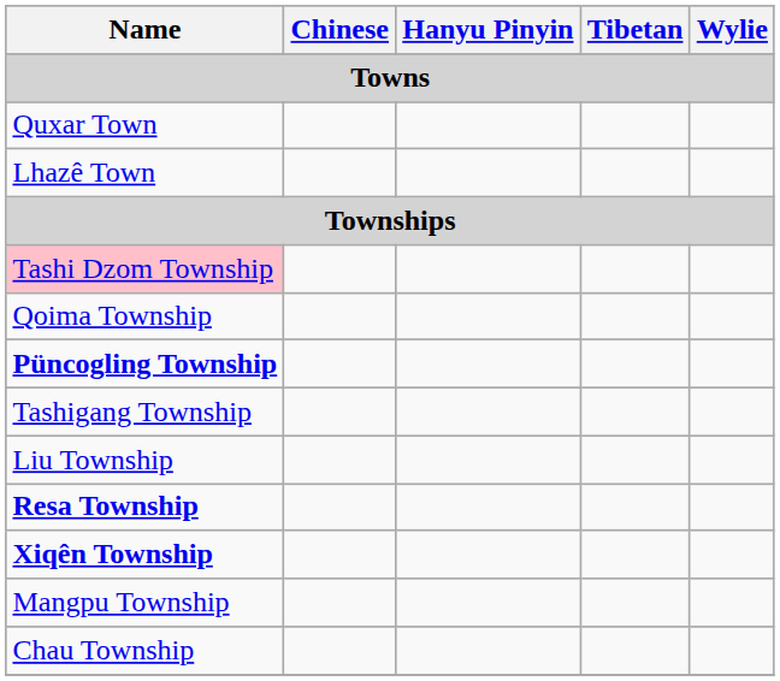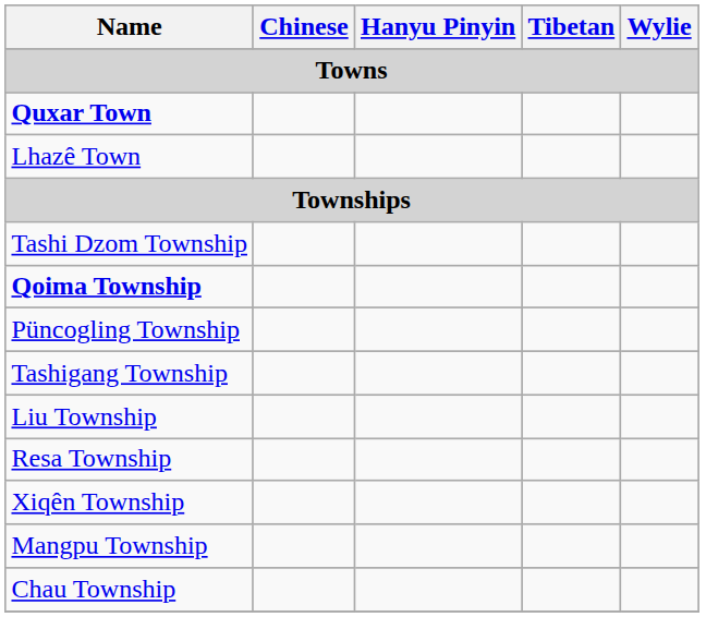 <table class="wikitable"  style="font-size:90%;" align=center>
 <tr>
 <th>Name</th>
 <th><a href='#'>Chinese</a></th>
 <th><a href='#'>Hanyu Pinyin</a></th>
 <th><a href='#'>Tibetan</a></th>
 <th><a href='#'>Wylie</a></th>
 </tr>
 <tr --------->
 <td colspan="7"  style="text-align:center; background:#d3d3d3;"><strong>Towns</strong></td>
 </tr>
 <tr --------->
-<td><a href='#'>Quxar Town</a></td>
+<td><strong><a href='#'>Quxar Town</a></strong></td>
 <td></td>
 <td></td>
 <td></td>
 <td></td>
 </tr>
 <tr>
 <td><a href='#'>Lhazê Town</a></td>
 <td></td>
 <td></td>
 <td></td>
 <td></td>
 </tr>
 <tr --------->
 <td colspan="7"  style="text-align:center; background:#d3d3d3;"><strong>Townships</strong></td>
 </tr>
 <tr --------->
-<td style="background: pink;"><a href='#'>Tashi Dzom Township</a></td>
+<td><a href='#'>Tashi Dzom Township</a></td>
 <td></td>
 <td></td>
 <td></td>
 <td></td>
 </tr>
 <tr>
-<td><a href='#'>Qoima Township</a></td>
+<td><strong><a href='#'>Qoima Township</a></strong></td>
 <td></td>
 <td></td>
 <td></td>
 <td></td>
 </tr>
 <tr>
-<td><strong><a href='#'>Püncogling Township</a></strong></td>
+<td><a href='#'>Püncogling Township</a></td>
 <td></td>
 <td></td>
 <td></td>
 <td></td>
 </tr>
 <tr>
 <td><a href='#'>Tashigang Township</a></td>
 <td></td>
 <td></td>
 <td></td>
 <td></td>
 </tr>
 <tr>
 <td><a href='#'>Liu Township</a></td>
 <td></td>
 <td></td>
 <td></td>
 <td></td>
 </tr>
 <tr>
-<td><strong><a href='#'>Resa Township</a></strong></td>
+<td><a href='#'>Resa Township</a></td>
 <td></td>
 <td></td>
 <td></td>
 <td></td>
 </tr>
 <tr>
-<td><strong><a href='#'>Xiqên Township</a></strong></td>
+<td><a href='#'>Xiqên Township</a></td>
 <td></td>
 <td></td>
 <td></td>
 <td></td>
 </tr>
 <tr>
 <td><a href='#'>Mangpu Township</a></td>
 <td></td>
 <td></td>
 <td></td>
 <td></td>
 </tr>
 <tr>
 <td><a href='#'>Chau Township</a></td>
 <td></td>
 <td></td>
 <td></td>
 <td></td>
 </tr>
 <tr>
 </tr>
 </table>
